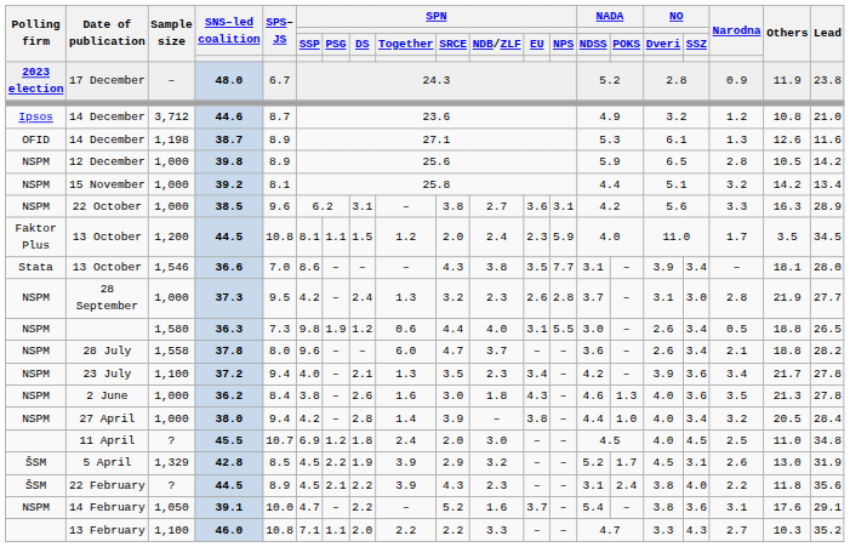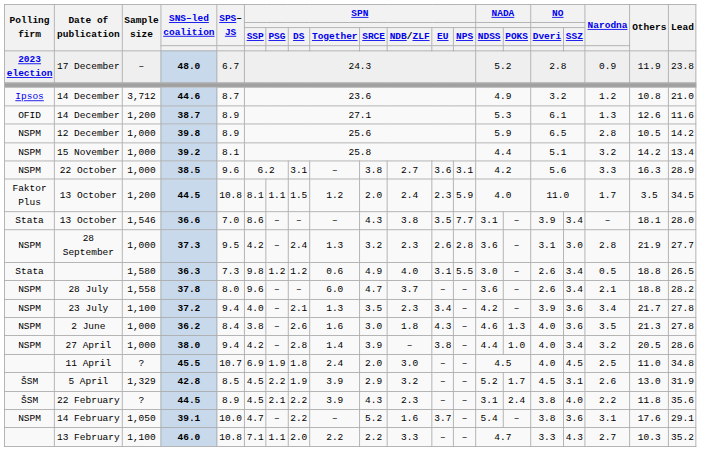 <table class="wikitable" style="text-align:center; font-size:85%; line-height:16px; margin-bottom:0">
 <tr>
 <th rowspan="4">Polling firm</th>
 <th rowspan="4">Date of publication</th>
 <th rowspan="4">Sample size</th>
 <th rowspan="3"><a href='#'>SNS–led<br>coalition</a></th>
 <th rowspan="3"><a href='#'>SPS</a>–<a href='#'>JS</a></th>
 <th colspan="8"><a href='#'>SPN</a></th>
 <th colspan="2"><a href='#'>NADA</a></th>
 <th colspan="2"><a href='#'>NO</a></th>
 <th rowspan="3"><a href='#'>Narodna</a></th>
 <th rowspan="4">Others</th>
 <th rowspan="4">Lead</th>
 </tr>
 <tr>
 <th colspan="8" style="background:"></th>
 <th colspan="2" style="background:"></th>
 <th colspan="2" style="background:"></th>
 </tr>
 <tr>
 <th><a href='#'>SSP</a></th>
 <th><a href='#'>PSG</a></th>
 <th><a href='#'>DS</a></th>
 <th><a href='#'>Together</a></th>
 <th><a href='#'>SRCE</a></th>
 <th><a href='#'>NDB</a>/<a href='#'>ZLF</a></th>
 <th><a href='#'>EU</a></th>
 <th><a href='#'>NPS</a></th>
 <th><a href='#'>NDSS</a></th>
 <th><a href='#'>POKS</a></th>
 <th><a href='#'>Dveri</a></th>
 <th><a href='#'>SSZ</a></th>
 </tr>
 <tr>
 <th style="background:"></th>
 <th style="background:"></th>
 <th style="background:"></th>
 <th style="background:"></th>
 <th style="background:"></th>
 <th style="background:"></th>
 <th style="background:"></th>
 <th style="background:"></th>
 <th style="background:"></th>
 <th style="background:"></th>
 <th style="background:"></th>
 <th style="background:"></th>
 <th style="background:"></th>
 <th style="background:"></th>
 <th style="background:"></th>
 </tr>
 <tr style="background:#EFEFEF">
 <td><strong><a href='#'>2023 election</a></strong></td>
 <td>17 December</td>
 <td>–</td>
 <td style="background:#C8D9EC"><strong>48.0</strong></td>
 <td>6.7</td>
 <td colspan="8">24.3</td>
 <td colspan="2">5.2</td>
 <td colspan="2">2.8</td>
 <td>0.9</td>
 <td>11.9</td>
 <td style="background:">23.8</td>
 </tr>
 <tr>
 <td colspan="23" style="background:#A0A0A0"></td>
 </tr>
 <tr>
 <td><a href='#'>Ipsos</a></td>
 <td>14 December</td>
 <td>3,712</td>
 <td style="background:#C8D9EC"><strong>44.6</strong></td>
 <td>8.7</td>
 <td colspan="8">23.6</td>
 <td colspan="2">4.9</td>
 <td colspan="2">3.2</td>
 <td>1.2</td>
 <td>10.8</td>
 <td style="background:">21.0</td>
 </tr>
 <tr>
 <td>OFID</td>
 <td>14 December</td>
-<td>1,198</td>
+<td>1,200</td>
 <td style="background:#C8D9EC"><strong>38.7</strong></td>
 <td>8.9</td>
 <td colspan="8">27.1</td>
 <td colspan="2">5.3</td>
 <td colspan="2">6.1</td>
 <td>1.3</td>
 <td>12.6</td>
 <td style="background:">11.6</td>
 </tr>
 <tr>
 <td>NSPM</td>
 <td>12 December</td>
 <td>1,000</td>
 <td style="background:#C8D9EC"><strong>39.8</strong></td>
 <td>8.9</td>
 <td colspan="8">25.6</td>
 <td colspan="2">5.9</td>
 <td colspan="2">6.5</td>
 <td>2.8</td>
 <td>10.5</td>
 <td style="background:">14.2</td>
 </tr>
 <tr>
 <td>NSPM</td>
 <td>15 November</td>
 <td>1,000</td>
 <td style="background:#C8D9EC"><strong>39.2</strong></td>
 <td>8.1</td>
 <td colspan="8">25.8</td>
 <td colspan="2">4.4</td>
 <td colspan="2">5.1</td>
 <td>3.2</td>
 <td>14.2</td>
 <td style="background:">13.4</td>
 </tr>
 <tr>
 <td>NSPM</td>
 <td>22 October</td>
 <td>1,000</td>
 <td style="background:#C8D9EC"><strong>38.5</strong></td>
 <td>9.6</td>
 <td colspan="2">6.2</td>
 <td>3.1</td>
 <td>–</td>
 <td>3.8</td>
 <td>2.7</td>
 <td>3.6</td>
 <td>3.1</td>
 <td colspan="2">4.2</td>
 <td colspan="2">5.6</td>
 <td>3.3</td>
 <td>16.3</td>
 <td style="background:">28.9</td>
 </tr>
 <tr>
 <td>Faktor Plus</td>
 <td>13 October</td>
 <td>1,200</td>
 <td style="background:#C8D9EC"><strong>44.5</strong></td>
 <td>10.8</td>
 <td>8.1</td>
 <td>1.1</td>
 <td>1.5</td>
 <td>1.2</td>
 <td>2.0</td>
 <td>2.4</td>
 <td>2.3</td>
 <td>5.9</td>
 <td colspan="2">4.0</td>
 <td colspan="2">11.0</td>
 <td>1.7</td>
 <td>3.5</td>
 <td style="background:">34.5</td>
 </tr>
 <tr>
 <td>Stata</td>
 <td>13 October</td>
 <td>1,546</td>
 <td style="background:#C8D9EC"><strong>36.6</strong></td>
 <td>7.0</td>
 <td>8.6</td>
 <td>–</td>
 <td>–</td>
 <td>–</td>
 <td>4.3</td>
 <td>3.8</td>
 <td>3.5</td>
 <td>7.7</td>
 <td>3.1</td>
 <td>–</td>
 <td>3.9</td>
 <td>3.4</td>
 <td>–</td>
 <td>18.1</td>
 <td style="background:">28.0</td>
 </tr>
 <tr>
 <td>NSPM</td>
 <td>28 September</td>
 <td>1,000</td>
 <td style="background:#C8D9EC"><strong>37.3</strong></td>
 <td>9.5</td>
 <td>4.2</td>
 <td>–</td>
 <td>2.4</td>
 <td>1.3</td>
 <td>3.2</td>
 <td>2.3</td>
 <td>2.6</td>
 <td>2.8</td>
-<td>3.7</td>
+<td>3.6</td>
 <td>–</td>
 <td>3.1</td>
 <td>3.0</td>
 <td>2.8</td>
 <td>21.9</td>
 <td style="background:">27.7</td>
 </tr>
 <tr>
-<td>NSPM</td>
+<td>Stata</td>
 <td></td>
 <td>1,580</td>
 <td style="background:#C8D9EC"><strong>36.3</strong></td>
 <td>7.3</td>
 <td>9.8</td>
-<td>1.9</td>
+<td>1.2</td>
 <td>1.2</td>
 <td>0.6</td>
-<td>4.4</td>
+<td>4.9</td>
 <td>4.0</td>
 <td>3.1</td>
 <td>5.5</td>
 <td>3.0</td>
 <td>–</td>
 <td>2.6</td>
 <td>3.4</td>
 <td>0.5</td>
 <td>18.8</td>
 <td style="background:">26.5</td>
 </tr>
 <tr>
 <td>NSPM</td>
 <td>28 July</td>
 <td>1,558</td>
 <td style="background:#C8D9EC"><strong>37.8</strong></td>
 <td>8.0</td>
 <td>9.6</td>
 <td>–</td>
 <td>–</td>
 <td>6.0</td>
 <td>4.7</td>
 <td>3.7</td>
 <td>–</td>
 <td>–</td>
 <td>3.6</td>
 <td>–</td>
 <td>2.6</td>
 <td>3.4</td>
 <td>2.1</td>
 <td>18.8</td>
 <td style="background:">28.2</td>
 </tr>
 <tr>
 <td>NSPM</td>
 <td>23 July</td>
 <td>1,100</td>
 <td style="background:#C8D9EC"><strong>37.2</strong></td>
 <td>9.4</td>
 <td>4.0</td>
 <td>–</td>
 <td>2.1</td>
 <td>1.3</td>
 <td>3.5</td>
 <td>2.3</td>
 <td>3.4</td>
 <td>–</td>
 <td>4.2</td>
 <td>–</td>
 <td>3.9</td>
 <td>3.6</td>
 <td>3.4</td>
 <td>21.7</td>
 <td style="background:">27.8</td>
 </tr>
 <tr>
 <td>NSPM</td>
 <td>2 June</td>
 <td>1,000</td>
 <td style="background:#C8D9EC"><strong>36.2</strong></td>
 <td>8.4</td>
 <td>3.8</td>
 <td>–</td>
 <td>2.6</td>
 <td>1.6</td>
 <td>3.0</td>
 <td>1.8</td>
 <td>4.3</td>
 <td>–</td>
 <td>4.6</td>
 <td>1.3</td>
 <td>4.0</td>
 <td>3.6</td>
 <td>3.5</td>
 <td>21.3</td>
 <td style="background:">27.8</td>
 </tr>
 <tr>
 <td>NSPM</td>
 <td>27 April</td>
 <td>1,000</td>
 <td style="background:#C8D9EC"><strong>38.0</strong></td>
 <td>9.4</td>
 <td>4.2</td>
 <td>–</td>
 <td>2.8</td>
 <td>1.4</td>
 <td>3.9</td>
 <td>–</td>
 <td>3.8</td>
 <td>–</td>
 <td>4.4</td>
 <td>1.0</td>
 <td>4.0</td>
 <td>3.4</td>
 <td>3.2</td>
 <td>20.5</td>
-<td style="background:">28.4</td>
+<td style="background:">28.6</td>
 </tr>
 <tr>
 <td></td>
 <td>11 April</td>
 <td>?</td>
 <td style="background:#C8D9EC"><strong>45.5</strong></td>
 <td>10.7</td>
 <td>6.9</td>
-<td>1.2</td>
+<td>1.9</td>
 <td>1.8</td>
 <td>2.4</td>
 <td>2.0</td>
 <td>3.0</td>
 <td>–</td>
 <td>–</td>
 <td colspan="2">4.5</td>
 <td>4.0</td>
 <td>4.5</td>
 <td>2.5</td>
 <td>11.0</td>
 <td style="background:">34.8</td>
 </tr>
 <tr>
 <td>ŠSM</td>
 <td>5 April</td>
 <td>1,329</td>
 <td style="background:#C8D9EC"><strong>42.8</strong></td>
 <td>8.5</td>
 <td>4.5</td>
 <td>2.2</td>
 <td>1.9</td>
 <td>3.9</td>
 <td>2.9</td>
 <td>3.2</td>
 <td>–</td>
 <td>–</td>
 <td>5.2</td>
 <td>1.7</td>
 <td>4.5</td>
 <td>3.1</td>
 <td>2.6</td>
 <td>13.0</td>
 <td style="background:">31.9</td>
 </tr>
 <tr>
 <td>ŠSM</td>
 <td>22 February</td>
 <td>?</td>
 <td style="background:#C8D9EC"><strong>44.5</strong></td>
 <td>8.9</td>
 <td>4.5</td>
 <td>2.1</td>
 <td>2.2</td>
 <td>3.9</td>
 <td>4.3</td>
 <td>2.3</td>
 <td>–</td>
 <td>–</td>
 <td>3.1</td>
 <td>2.4</td>
 <td>3.8</td>
 <td>4.0</td>
 <td>2.2</td>
 <td>11.8</td>
 <td style="background:">35.6</td>
 </tr>
 <tr>
 <td>NSPM</td>
 <td>14 February</td>
 <td>1,050</td>
 <td style="background:#C8D9EC"><strong>39.1</strong></td>
 <td>10.0</td>
 <td>4.7</td>
 <td>–</td>
 <td>2.2</td>
 <td>–</td>
 <td>5.2</td>
 <td>1.6</td>
 <td>3.7</td>
 <td>–</td>
 <td>5.4</td>
 <td>–</td>
 <td>3.8</td>
 <td>3.6</td>
 <td>3.1</td>
 <td>17.6</td>
 <td style="background:">29.1</td>
 </tr>
 <tr>
 <td></td>
 <td>13 February</td>
 <td>1,100</td>
 <td style="background:#C8D9EC"><strong>46.0</strong></td>
 <td>10.8</td>
 <td>7.1</td>
 <td>1.1</td>
 <td>2.0</td>
 <td>2.2</td>
 <td>2.2</td>
 <td>3.3</td>
 <td>–</td>
 <td>–</td>
 <td colspan="2">4.7</td>
 <td>3.3</td>
 <td>4.3</td>
 <td>2.7</td>
 <td>10.3</td>
 <td style="background:">35.2</td>
 </tr>
 </table>
